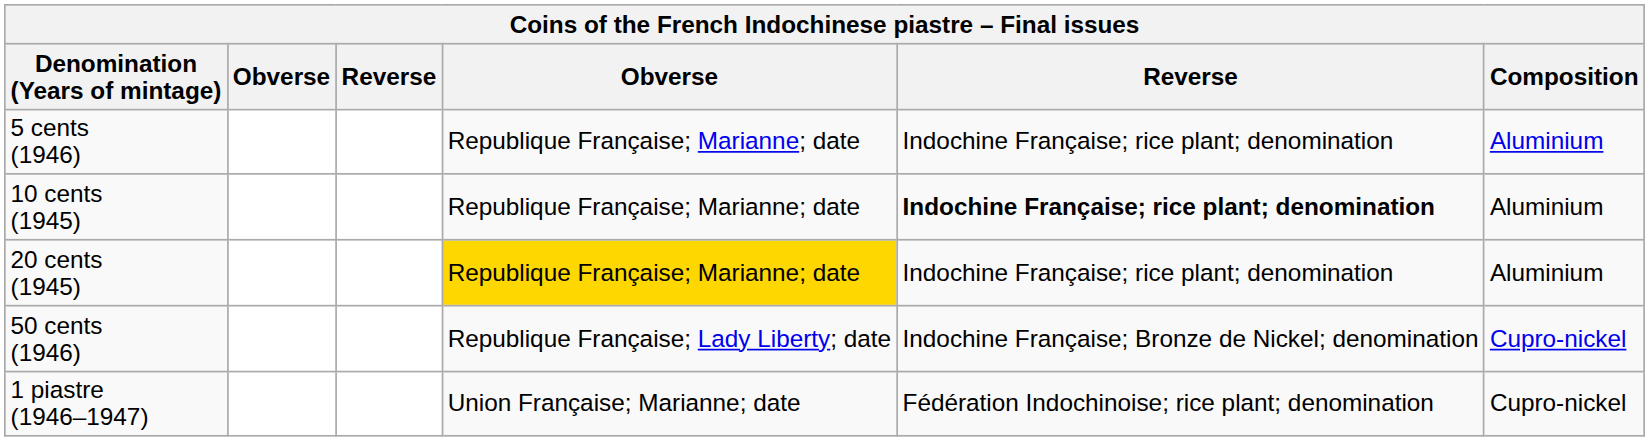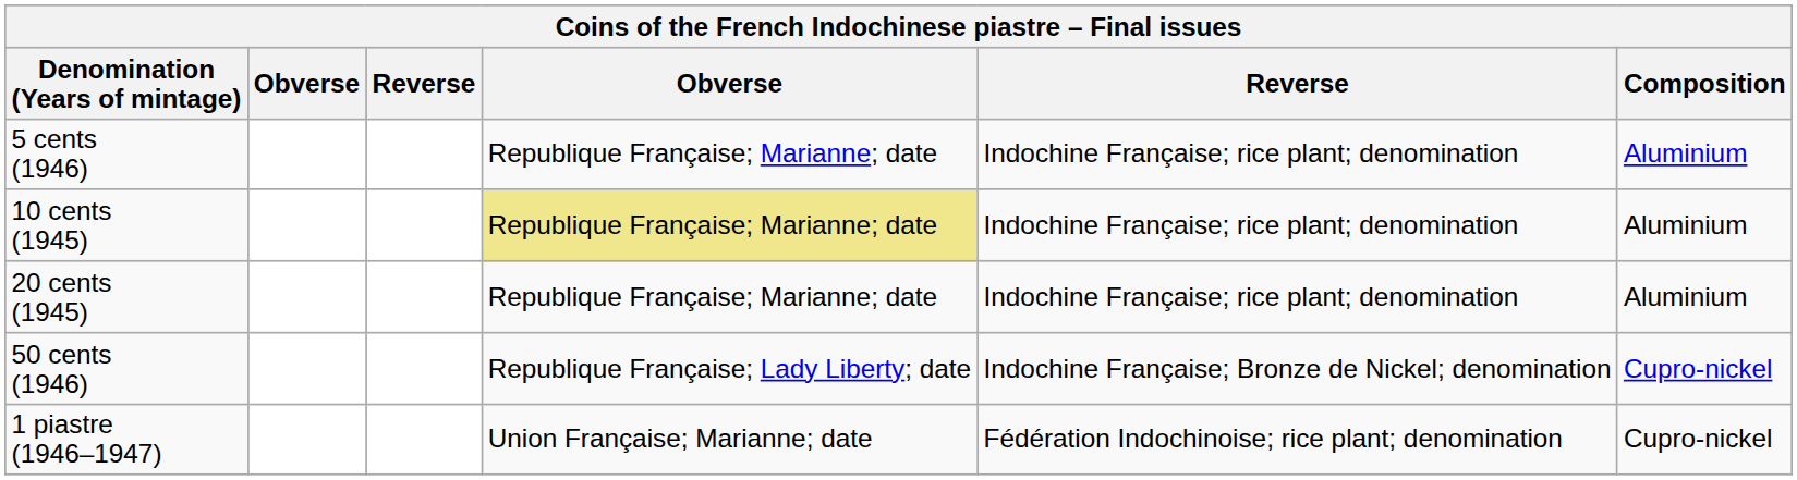 <table class="wikitable" style="font-size: 90%">
 <tr>
 <th colspan="14">Coins of the French Indochinese piastre – Final issues</th>
 </tr>
 <tr>
 <th>Denomination<br>(Years of mintage)</th>
 <th>Obverse</th>
 <th>Reverse</th>
 <th>Obverse</th>
 <th>Reverse</th>
 <th>Composition</th>
 </tr>
 <tr>
 <td>5 cents<br>(1946)</td>
 <td style="text-align:center; background:#fff;"></td>
 <td style="text-align:center; background:#fff;"></td>
 <td>Republique Française; <a href='#'>Marianne</a>; date</td>
 <td>Indochine Française; rice plant; denomination</td>
 <td><a href='#'>Aluminium</a></td>
 </tr>
 <tr>
 <td>10 cents<br>(1945)</td>
 <td style="text-align:center; background:#fff;"></td>
 <td style="text-align:center; background:#fff;"></td>
-<td>Republique Française; Marianne; date</td>
-<td><strong>Indochine Française; rice plant; denomination</strong></td>
+<td style="background: khaki;">Republique Française; Marianne; date</td>
+<td>Indochine Française; rice plant; denomination</td>
 <td>Aluminium</td>
 </tr>
 <tr>
 <td>20 cents<br>(1945)</td>
 <td style="text-align:center; background:#fff;"></td>
 <td style="text-align:center; background:#fff;"></td>
-<td style="background: gold;">Republique Française; Marianne; date</td>
+<td>Republique Française; Marianne; date</td>
 <td>Indochine Française; rice plant; denomination</td>
 <td>Aluminium</td>
 </tr>
 <tr>
 <td>50 cents<br>(1946)</td>
 <td style="text-align:center; background:#fff;"></td>
 <td style="text-align:center; background:#fff;"></td>
 <td>Republique Française; <a href='#'>Lady Liberty</a>; date</td>
 <td>Indochine Française; Bronze de Nickel; denomination</td>
 <td><a href='#'>Cupro-nickel</a></td>
 </tr>
 <tr>
 <td>1 piastre<br>(1946–1947)</td>
 <td style="text-align:center; background:#fff;"></td>
 <td style="text-align:center; background:#fff;"></td>
 <td>Union Française; Marianne; date</td>
 <td>Fédération Indochinoise; rice plant; denomination</td>
 <td>Cupro-nickel</td>
 </tr>
 </table>
